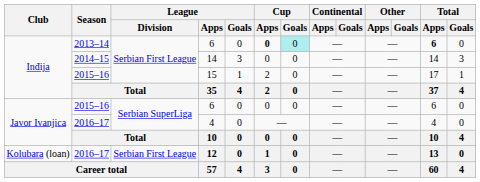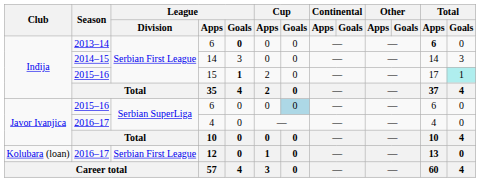 <table class="wikitable" style="text-align:center">
 <tr>
 <th rowspan="2">Club</th>
 <th rowspan="2">Season</th>
 <th colspan="3">League</th>
 <th colspan="2">Cup</th>
 <th colspan="2">Continental</th>
 <th colspan="2">Other</th>
 <th colspan="2">Total</th>
 </tr>
 <tr>
 <th>Division</th>
 <th>Apps</th>
 <th>Goals</th>
 <th>Apps</th>
 <th>Goals</th>
 <th>Apps</th>
 <th>Goals</th>
 <th>Apps</th>
 <th>Goals</th>
 <th>Apps</th>
 <th>Goals</th>
 </tr>
 <tr>
 <td rowspan="4"><a href='#'>Inđija</a></td>
 <td><a href='#'>2013–14</a></td>
 <td rowspan="3"><a href='#'>Serbian First League</a></td>
 <td>6</td>
+<td><strong>0</strong></td>
 <td>0</td>
-<td><strong>0</strong></td>
-<td style="background: paleturquoise;">0</td>
+<td>0</td>
 <td colspan="2">—</td>
 <td colspan="2">—</td>
 <td><strong>6</strong></td>
 <td>0</td>
 </tr>
 <tr>
 <td><a href='#'>2014–15</a></td>
 <td>14</td>
 <td>3</td>
 <td>0</td>
 <td>0</td>
 <td colspan="2">—</td>
 <td colspan="2">—</td>
 <td>14</td>
 <td>3</td>
 </tr>
 <tr>
 <td><a href='#'>2015–16</a></td>
 <td>15</td>
-<td>1</td>
+<td><strong>1</strong></td>
 <td>2</td>
 <td>0</td>
 <td colspan="2">—</td>
 <td colspan="2">—</td>
 <td>17</td>
-<td>1</td>
+<td style="background: paleturquoise;">1</td>
 </tr>
 <tr>
 <th colspan="2">Total</th>
 <th>35</th>
 <th>4</th>
 <th>2</th>
 <th>0</th>
 <th colspan="2">—</th>
 <th colspan="2">—</th>
 <th>37</th>
 <th>4</th>
 </tr>
 <tr>
 <td rowspan="3"><a href='#'>Javor Ivanjica</a></td>
 <td><a href='#'>2015–16</a></td>
 <td rowspan="2"><a href='#'>Serbian SuperLiga</a></td>
 <td>6</td>
 <td>0</td>
 <td>0</td>
-<td>0</td>
+<td style="background: lightblue;">0</td>
 <td colspan="2">—</td>
 <td colspan="2">—</td>
 <td>6</td>
 <td>0</td>
 </tr>
 <tr>
 <td><a href='#'>2016–17</a></td>
 <td>4</td>
 <td>0</td>
 <td colspan="2">—</td>
 <td colspan="2">—</td>
 <td colspan="2">—</td>
 <td>4</td>
 <td>0</td>
 </tr>
 <tr>
 <th colspan="2">Total</th>
 <th>10</th>
 <th>0</th>
 <th>0</th>
 <th>0</th>
 <th colspan="2">—</th>
 <th colspan="2">—</th>
 <th>10</th>
 <th>4</th>
 </tr>
 <tr>
 <td><a href='#'>Kolubara</a> (loan)</td>
 <td><a href='#'>2016–17</a></td>
 <td><a href='#'>Serbian First League</a></td>
 <th>12</th>
 <th>0</th>
 <th>1</th>
 <th>0</th>
 <th colspan="2">—</th>
 <th colspan="2">—</th>
 <th>13</th>
 <th>0</th>
 </tr>
 <tr>
 <th colspan="3">Career total</th>
 <th>57</th>
 <th>4</th>
 <th>3</th>
 <th>0</th>
 <th colspan="2">—</th>
 <th colspan="2">—</th>
 <th>60</th>
 <th>4</th>
 </tr>
 </table>
